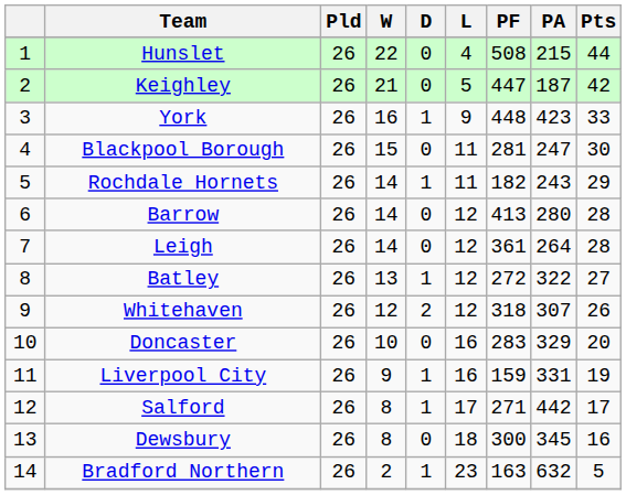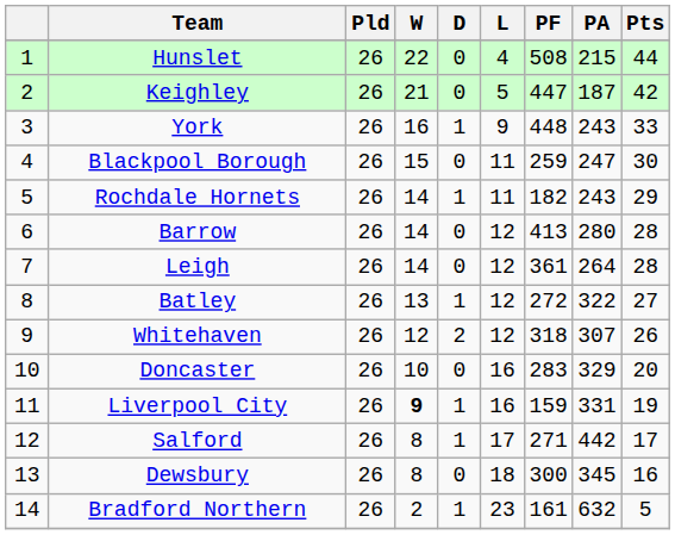 <table class="wikitable" style="text-align:center;">
 <tr>
 <th width=20 abbr="Position"></th>
 <th width=175>Team</th>
 <th width=20 abbr="Played">Pld</th>
 <th width=20 abbr="Won">W</th>
 <th width=20 abbr="Drawn">D</th>
 <th width=20 abbr="Lost">L</th>
 <th width=20 abbr="Points For">PF</th>
 <th width=20 abbr="Points Against">PA</th>
 <th width=20 abbr="Points">Pts</th>
 </tr>
 <tr>
 </tr>
 <tr align=center style="background:#ccffcc;">
 <td>1</td>
 <td><a href='#'>Hunslet</a></td>
 <td>26</td>
 <td>22</td>
 <td>0</td>
 <td>4</td>
 <td>508</td>
 <td>215</td>
 <td>44</td>
 </tr>
 <tr align=center style="background:#ccffcc;">
 <td>2</td>
 <td><a href='#'>Keighley</a></td>
 <td>26</td>
 <td>21</td>
 <td>0</td>
 <td>5</td>
 <td>447</td>
 <td>187</td>
 <td>42</td>
 </tr>
 <tr align=center style="background:">
 <td>3</td>
 <td><a href='#'>York</a></td>
 <td>26</td>
 <td>16</td>
 <td>1</td>
 <td>9</td>
 <td>448</td>
-<td>423</td>
+<td>243</td>
 <td>33</td>
 </tr>
 <tr align=center style="background:">
 <td>4</td>
 <td><a href='#'>Blackpool Borough</a></td>
 <td>26</td>
 <td>15</td>
 <td>0</td>
 <td>11</td>
-<td>281</td>
+<td>259</td>
 <td>247</td>
 <td>30</td>
 </tr>
 <tr align=center style="background:">
 <td>5</td>
 <td><a href='#'>Rochdale Hornets</a></td>
 <td>26</td>
 <td>14</td>
 <td>1</td>
 <td>11</td>
 <td>182</td>
 <td>243</td>
 <td>29</td>
 </tr>
 <tr align=center style="background:">
 <td>6</td>
 <td><a href='#'>Barrow</a></td>
 <td>26</td>
 <td>14</td>
 <td>0</td>
 <td>12</td>
 <td>413</td>
 <td>280</td>
 <td>28</td>
 </tr>
 <tr align=center style="background:">
 <td>7</td>
 <td><a href='#'>Leigh</a></td>
 <td>26</td>
 <td>14</td>
 <td>0</td>
 <td>12</td>
 <td>361</td>
 <td>264</td>
 <td>28</td>
 </tr>
 <tr align=center style="background:">
 <td>8</td>
 <td><a href='#'>Batley</a></td>
 <td>26</td>
 <td>13</td>
 <td>1</td>
 <td>12</td>
 <td>272</td>
 <td>322</td>
 <td>27</td>
 </tr>
 <tr align=center style="background:">
 <td>9</td>
 <td><a href='#'>Whitehaven</a></td>
 <td>26</td>
 <td>12</td>
 <td>2</td>
 <td>12</td>
 <td>318</td>
 <td>307</td>
 <td>26</td>
 </tr>
 <tr align=center style="background:">
 <td>10</td>
 <td><a href='#'>Doncaster</a></td>
 <td>26</td>
 <td>10</td>
 <td>0</td>
 <td>16</td>
 <td>283</td>
 <td>329</td>
 <td>20</td>
 </tr>
 <tr align=center style="background:">
 <td>11</td>
 <td><a href='#'>Liverpool City</a></td>
 <td>26</td>
-<td>9</td>
+<td><strong>9</strong></td>
 <td>1</td>
 <td>16</td>
 <td>159</td>
 <td>331</td>
 <td>19</td>
 </tr>
 <tr align=center style="background:">
 <td>12</td>
 <td><a href='#'>Salford</a></td>
 <td>26</td>
 <td>8</td>
 <td>1</td>
 <td>17</td>
 <td>271</td>
 <td>442</td>
 <td>17</td>
 </tr>
 <tr align=center style="background:">
 <td>13</td>
 <td><a href='#'>Dewsbury</a></td>
 <td>26</td>
 <td>8</td>
 <td>0</td>
 <td>18</td>
 <td>300</td>
 <td>345</td>
 <td>16</td>
 </tr>
 <tr align=center style="background:">
 <td>14</td>
 <td><a href='#'>Bradford Northern</a></td>
 <td>26</td>
 <td>2</td>
 <td>1</td>
 <td>23</td>
-<td>163</td>
+<td>161</td>
 <td>632</td>
 <td>5</td>
 </tr>
 <tr>
 </tr>
 </table>
